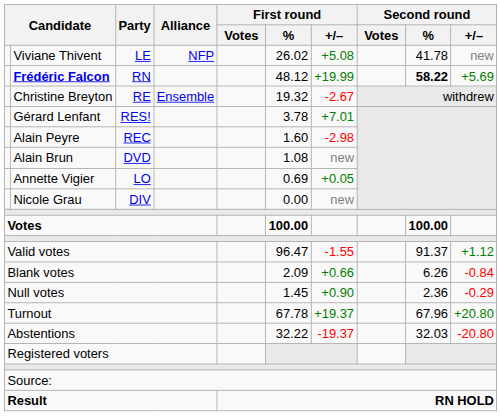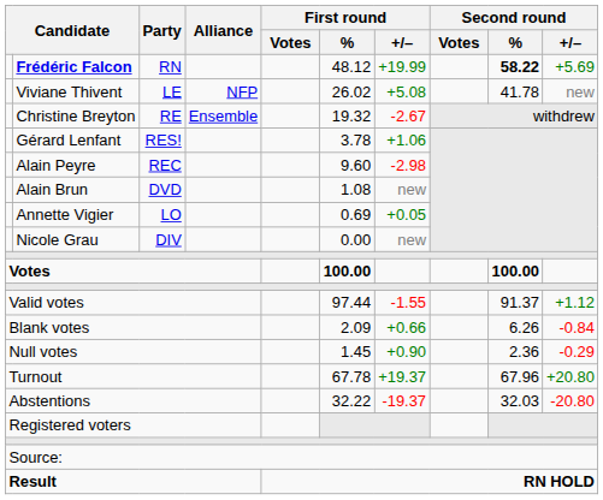 <table class="wikitable" style="text-align:right;font-size:95%;">
 <tr>
 <th rowspan="2" colspan="2">Candidate</th>
 <th colspan="1" rowspan="2">Party</th>
 <th colspan="1" rowspan="2">Alliance</th>
 <th colspan="3">First round</th>
 <th colspan="3">Second round</th>
 </tr>
 <tr>
 <th style="width:50px;">Votes</th>
 <th style="width:45px;">%</th>
 <th style="width:45px;">+/–</th>
 <th style="width:50px;">Votes</th>
 <th style="width:45px;">%</th>
 <th style="width:45px;">+/–</th>
 </tr>
 <tr>
 <td style="color:inherit;background:"></td>
+<td style="text-align:left;"><strong><a href='#'>Frédéric Falcon</a></strong></td>
+<td><a href='#'>RN</a></td>
+<td></td>
+<td></td>
+<td>48.12</td>
+<td style="color:green;">+19.99</td>
+<td><strong></strong></td>
+<td><strong>58.22</strong></td>
+<td style="color:green;">+5.69</td>
+</tr>
+<tr>
+<td style="color:inherit;background:"></td>
 <td style="text-align:left;">Viviane Thivent</td>
 <td><a href='#'>LE</a></td>
 <td><a href='#'>NFP</a></td>
 <td></td>
 <td>26.02</td>
 <td style="color:green;">+5.08</td>
 <td></td>
 <td>41.78</td>
 <td style="color:grey;">new</td>
-</tr>
-<tr>
-<td style="color:inherit;background:"></td>
-<td style="text-align:left;"><strong><a href='#'>Frédéric Falcon</a></strong></td>
-<td><a href='#'>RN</a></td>
-<td></td>
-<td></td>
-<td>48.12</td>
-<td style="color:green;">+19.99</td>
-<td><strong></strong></td>
-<td><strong>58.22</strong></td>
-<td style="color:green;">+5.69</td>
 </tr>
 <tr>
 <td style="color:inherit;background:"></td>
 <td style="text-align:left;">Christine Breyton</td>
 <td><a href='#'>RE</a></td>
 <td><a href='#'>Ensemble</a></td>
 <td></td>
 <td>19.32</td>
 <td style="color:red;">-2.67</td>
 <td colspan="3" style="background:#E9E9E9;">withdrew</td>
 </tr>
 <tr>
 <td style="color:inherit;background:"></td>
 <td style="text-align:left;">Gérard Lenfant</td>
 <td><a href='#'>RES!</a></td>
 <td></td>
 <td></td>
 <td>3.78</td>
-<td style="color:green;">+7.01</td>
+<td style="color:green;">+1.06</td>
 <td colspan="3" rowspan="5" style="background:#E9E9E9;"></td>
 </tr>
 <tr>
 <td style="color:inherit;background:"></td>
 <td style="text-align:left;">Alain Peyre</td>
 <td><a href='#'>REC</a></td>
 <td></td>
 <td></td>
-<td>1.60</td>
+<td>9.60</td>
 <td style="color:red;">-2.98</td>
 </tr>
 <tr>
 <td style="color:inherit;background:"></td>
 <td style="text-align:left;">Alain Brun</td>
 <td><a href='#'>DVD</a></td>
 <td></td>
 <td></td>
 <td>1.08</td>
 <td style="color:grey;">new</td>
 </tr>
 <tr>
 <td style="color:inherit;background:"></td>
 <td style="text-align:left;">Annette Vigier</td>
 <td><a href='#'>LO</a></td>
 <td></td>
 <td></td>
 <td>0.69</td>
 <td style="color:green;">+0.05</td>
 </tr>
 <tr>
 <td style="color:inherit;background:"></td>
 <td style="text-align:left;">Nicole Grau</td>
 <td><a href='#'>DIV</a></td>
 <td></td>
 <td></td>
 <td>0.00</td>
 <td style="color:grey;">new</td>
 </tr>
 <tr>
 <td colspan="10" style="background:#E9E9E9;"></td>
 </tr>
 <tr style="font-weight:bold;">
 <td colspan="4" style="text-align:left;">Votes</td>
 <td></td>
 <td>100.00</td>
 <td></td>
 <td></td>
 <td>100.00</td>
 <td></td>
 </tr>
 <tr>
 <td colspan="10" style="background:#E9E9E9;"></td>
 </tr>
 <tr>
 <td colspan="4" style="text-align:left;">Valid votes</td>
 <td></td>
-<td>96.47</td>
+<td>97.44</td>
 <td style="color:red;">-1.55</td>
 <td></td>
 <td>91.37</td>
 <td style="color:green;">+1.12</td>
 </tr>
 <tr>
 <td colspan="4" style="text-align:left;">Blank votes</td>
 <td></td>
 <td>2.09</td>
 <td style="color:green;">+0.66</td>
 <td></td>
 <td>6.26</td>
 <td style="color:red;">-0.84</td>
 </tr>
 <tr>
 <td colspan="4" style="text-align:left;">Null votes</td>
 <td></td>
 <td>1.45</td>
 <td style="color:green;">+0.90</td>
 <td></td>
 <td>2.36</td>
 <td style="color:red;">-0.29</td>
 </tr>
 <tr>
 <td colspan="4" style="text-align:left;">Turnout</td>
 <td></td>
 <td>67.78</td>
 <td style="color:green;">+19.37</td>
 <td></td>
 <td>67.96</td>
 <td style="color:green;">+20.80</td>
 </tr>
 <tr>
 <td colspan="4" style="text-align:left;">Abstentions</td>
 <td></td>
 <td>32.22</td>
 <td style="color:red;">-19.37</td>
 <td></td>
 <td>32.03</td>
 <td style="color:red;">-20.80</td>
 </tr>
 <tr>
 <td colspan="4" style="text-align:left;">Registered voters</td>
 <td></td>
 <td colspan="2" style="background:#E9E9E9;"></td>
 <td></td>
 <td colspan="2" style="background:#E9E9E9;"></td>
 </tr>
 <tr>
 <td colspan="10" style="background:#E9E9E9;"></td>
 </tr>
 <tr>
 <td colspan="10" style="text-align:left;">Source: </td>
 </tr>
 <tr style="font-weight:bold">
 <td colspan="4" style="text-align:left;">Result</td>
 <td colspan="6" style="background-color:">RN HOLD</td>
 </tr>
 </table>
